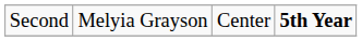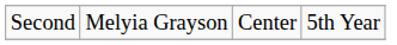 <table class="wikitable" border="1">
 <tr align=center>
 </tr>
 <tr>
 <td rowspan=1>Second</td>
 <td>Melyia Grayson</td>
 <td rowspan=1>Center</td>
-<td><strong>5th Year</strong></td>
+<td>5th Year</td>
 </tr>
 <tr>
 </tr>
 </table>
